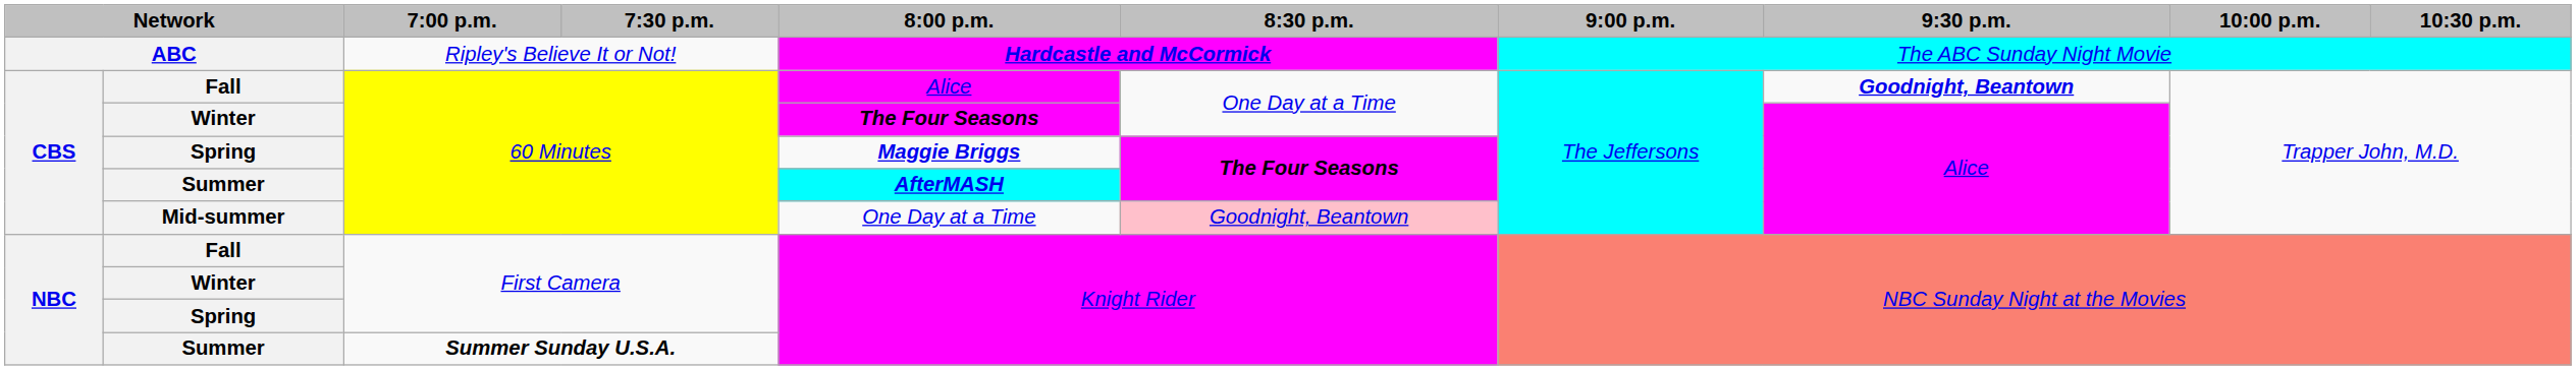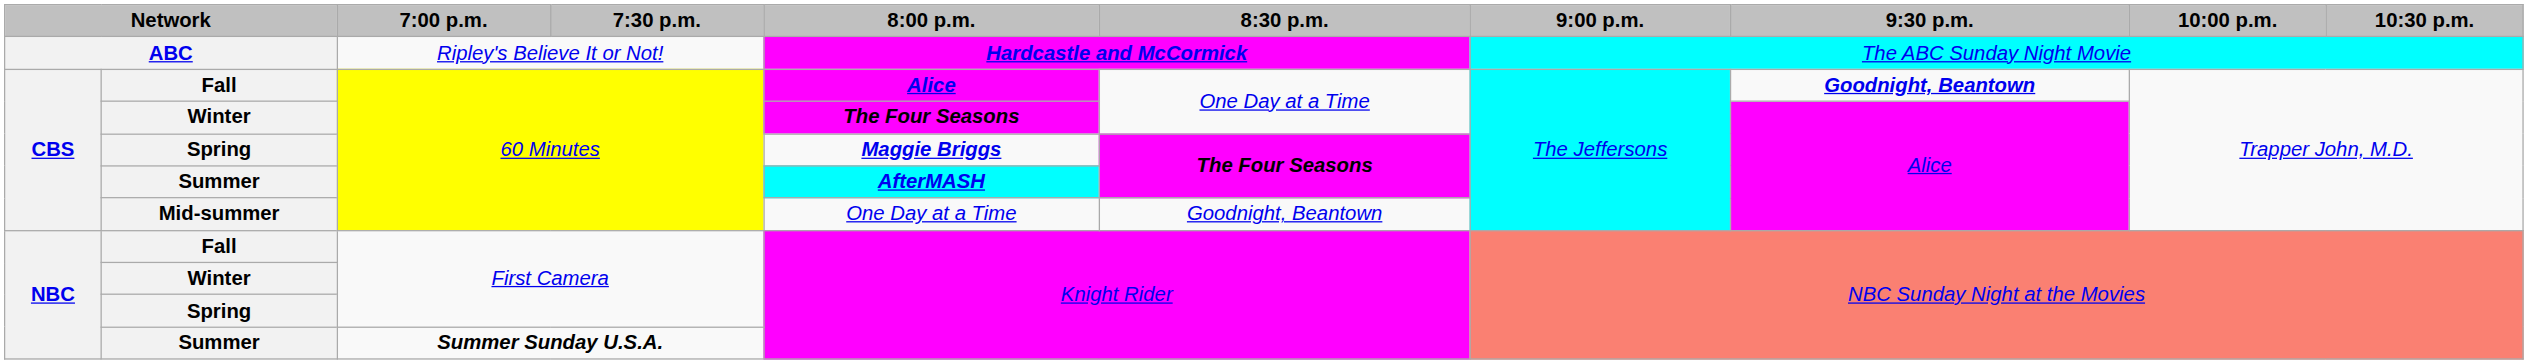 <table class="wikitable" style="width:100%;margin-right:0;text-align:center">
 <tr>
 <th colspan="2" style="background-color:#C0C0C0;text-align:center">Network</th>
 <th style="background-color:#C0C0C0;text-align:center">7:00 p.m.</th>
 <th style="background-color:#C0C0C0;text-align:center">7:30 p.m.</th>
 <th style="background-color:#C0C0C0;text-align:center">8:00 p.m.</th>
 <th style="background-color:#C0C0C0;text-align:center">8:30 p.m.</th>
 <th style="background-color:#C0C0C0;text-align:center">9:00 p.m.</th>
 <th style="background-color:#C0C0C0;text-align:center">9:30 p.m.</th>
 <th style="background-color:#C0C0C0;text-align:center">10:00 p.m.</th>
 <th style="background-color:#C0C0C0;text-align:center">10:30 p.m.</th>
 </tr>
 <tr>
 <th colspan="2"><a href='#'>ABC</a></th>
 <td colspan="2"><em><a href='#'>Ripley's Believe It or Not!</a></em></td>
 <td colspan="2" style="background:#FF00FF;"><strong><em><a href='#'>Hardcastle and McCormick</a></em></strong> </td>
 <td bgcolor="#00FFFF" colspan="4"><em><a href='#'>The ABC Sunday Night Movie</a></em> </td>
 </tr>
 <tr>
 <th rowspan="5"><a href='#'>CBS</a></th>
 <th>Fall</th>
 <td bgcolor="#FFFF00" colspan="2" rowspan="5"><em><a href='#'>60 Minutes</a></em> </td>
-<td style="background:#FF00FF;"><em><a href='#'>Alice</a></em> </td>
+<td style="background:#FF00FF;"><strong><em><a href='#'>Alice</a></em> </strong></td>
 <td rowspan="2"><em><a href='#'>One Day at a Time</a></em></td>
 <td bgcolor="#00FFFF" rowspan="5"><em><a href='#'>The Jeffersons</a></em> </td>
 <td><strong><em><a href='#'>Goodnight, Beantown</a></em></strong></td>
 <td colspan="2" rowspan="5"><em><a href='#'>Trapper John, M.D.</a></em></td>
 </tr>
 <tr>
 <th>Winter</th>
 <td style="background:#FF00FF;"><strong><em>The Four Seasons</em></strong> </td>
 <td rowspan="4" style="background:#FF00FF;"><em><a href='#'>Alice</a></em> </td>
 </tr>
 <tr>
 <th>Spring</th>
 <td><strong><em><a href='#'>Maggie Briggs</a></em></strong></td>
 <td rowspan="2" style="background:#FF00FF;"><strong><em>The Four Seasons</em></strong> </td>
 </tr>
 <tr>
 <th>Summer</th>
 <td bgcolor="#00FFFF"><strong><em><a href='#'>AfterMASH</a></em></strong> </td>
 </tr>
 <tr>
 <th>Mid-summer</th>
 <td><em><a href='#'>One Day at a Time</a></em></td>
-<td style="background: pink;"><em><a href='#'>Goodnight, Beantown</a></em></td>
+<td><em><a href='#'>Goodnight, Beantown</a></em></td>
 </tr>
 <tr>
 <th rowspan="4"><a href='#'>NBC</a></th>
 <th>Fall</th>
 <td colspan="2" rowspan="3"><em><a href='#'>First Camera</a></em></td>
 <td colspan="2" rowspan="4" style="background:#FF00FF;"><em><a href='#'>Knight Rider</a></em> </td>
 <td colspan="4" rowspan="4" style="background:#FA8072;"><em><a href='#'>NBC Sunday Night at the Movies</a></em></td>
 </tr>
 <tr>
 <th>Winter</th>
 </tr>
 <tr>
 <th>Spring</th>
 </tr>
 <tr>
 <th>Summer</th>
 <td colspan="2"><strong><em>Summer Sunday U.S.A.</em></strong></td>
 </tr>
 </table>
